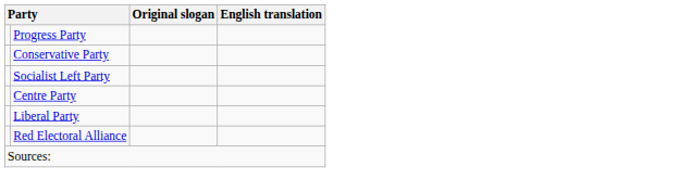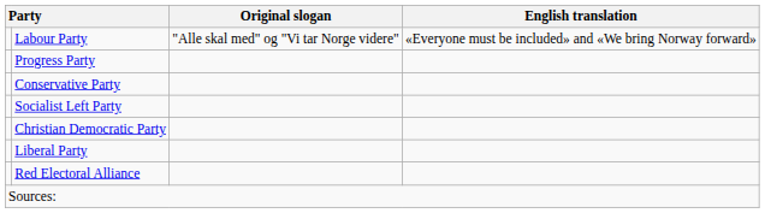 <table class="wikitable" style="font-size:97%; text-align:left">
 <tr>
 <th colspan="2" style="text-align:left;">Party</th>
 <th>Original slogan</th>
 <th>English translation</th>
+</tr>
+<tr>
+<td style="background:"></td>
+<td><a href='#'>Labour Party</a></td>
+<td>"Alle skal med" og "Vi tar Norge videre"</td>
+<td>«Everyone must be included» and «We bring Norway forward»</td>
 </tr>
 <tr>
 <td style="background:"></td>
 <td><a href='#'>Progress Party</a></td>
 <td></td>
 <td></td>
 </tr>
 <tr>
 <td style="background:"></td>
 <td><a href='#'>Conservative Party</a></td>
 <td></td>
 <td></td>
 </tr>
 <tr>
 <td style="background:"></td>
 <td><a href='#'>Socialist Left Party</a></td>
 <td></td>
 <td></td>
 </tr>
 <tr>
 <td style="background:"></td>
-<td><a href='#'>Centre Party</a></td>
+<td><a href='#'>Christian Democratic Party</a></td>
 <td></td>
 <td></td>
 </tr>
 <tr>
 <td style="background:"></td>
 <td><a href='#'>Liberal Party</a></td>
 <td></td>
 <td></td>
 </tr>
 <tr>
 <td style="background:"></td>
 <td><a href='#'>Red Electoral Alliance</a></td>
 <td></td>
 <td></td>
 </tr>
 <tr>
 <td colspan="4">Sources: </td>
 </tr>
 </table>
